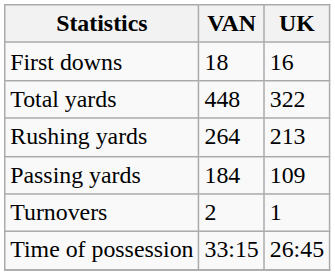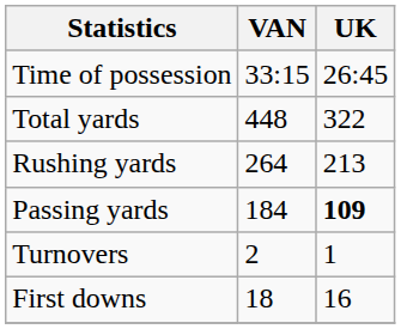 <table class="wikitable">
 <tr>
 <th>Statistics</th>
 <th>VAN</th>
 <th>UK</th>
 </tr>
 <tr>
-<td>First downs</td>
-<td>18</td>
-<td>16</td>
+<td>Time of possession</td>
+<td>33:15</td>
+<td>26:45</td>
 </tr>
 <tr>
 <td>Total yards</td>
 <td>448</td>
 <td>322</td>
 </tr>
 <tr>
 <td>Rushing yards</td>
 <td>264</td>
 <td>213</td>
 </tr>
 <tr>
 <td>Passing yards</td>
 <td>184</td>
-<td>109</td>
+<td><strong>109</strong></td>
 </tr>
 <tr>
 <td>Turnovers</td>
 <td>2</td>
 <td>1</td>
 </tr>
 <tr>
-<td>Time of possession</td>
-<td>33:15</td>
-<td>26:45</td>
+<td>First downs</td>
+<td>18</td>
+<td>16</td>
 </tr>
 <tr>
 </tr>
 </table>
